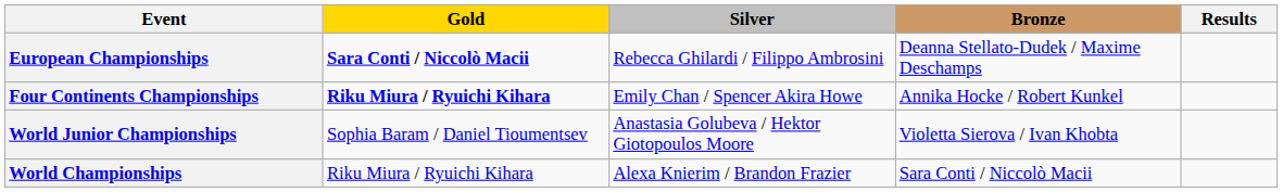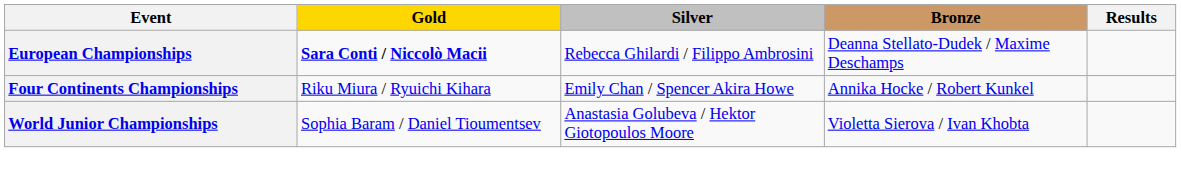 <table class="wikitable unsortable" style="text-align:left; width:90%;">
 <tr>
 <th scope="col" style="text-align:center; width:25%;">Event</th>
 <td scope="col" style="text-align:center; width:22.5%; background:gold"><strong>Gold</strong></td>
 <td scope="col" style="text-align:center; width:22.5%; background:silver"><strong>Silver</strong></td>
 <td scope="col" style="text-align:center; width:22.5%; background:#c96"><strong>Bronze</strong></td>
 <th scope="col" style="text-align:center; width:7.5%;">Results</th>
 </tr>
 <tr>
 <th scope="row" style="text-align:left"> <a href='#'>European Championships</a></th>
 <td><strong> <a href='#'>Sara Conti</a> / <a href='#'>Niccolò Macii</a></strong></td>
 <td> <a href='#'>Rebecca Ghilardi</a> / <a href='#'>Filippo Ambrosini</a></td>
 <td> <a href='#'>Deanna Stellato-Dudek</a> / <a href='#'>Maxime Deschamps</a></td>
 <td></td>
 </tr>
 <tr>
 <th scope="row" style="text-align:left"> <a href='#'>Four Continents Championships</a></th>
-<td><strong> <a href='#'>Riku Miura</a> / <a href='#'>Ryuichi Kihara</a></strong></td>
+<td> <a href='#'>Riku Miura</a> / <a href='#'>Ryuichi Kihara</a></td>
 <td> <a href='#'>Emily Chan</a> / <a href='#'>Spencer Akira Howe</a></td>
 <td> <a href='#'>Annika Hocke</a> / <a href='#'>Robert Kunkel</a></td>
 <td></td>
 </tr>
 <tr>
 <th scope="row" style="text-align:left"> <a href='#'>World Junior Championships</a></th>
 <td> <a href='#'>Sophia Baram</a> / <a href='#'>Daniel Tioumentsev</a></td>
 <td> <a href='#'>Anastasia Golubeva</a> / <a href='#'>Hektor Giotopoulos Moore</a></td>
 <td> <a href='#'>Violetta Sierova</a> / <a href='#'>Ivan Khobta</a></td>
 <td></td>
 </tr>
-<tr>
-<th scope="row" style="text-align:left"> <a href='#'>World Championships</a></th>
-<td> <a href='#'>Riku Miura</a> / <a href='#'>Ryuichi Kihara</a></td>
-<td> <a href='#'>Alexa Knierim</a> / <a href='#'>Brandon Frazier</a></td>
-<td> <a href='#'>Sara Conti</a> / <a href='#'>Niccolò Macii</a></td>
-<td></td>
-</tr>
 </table>
